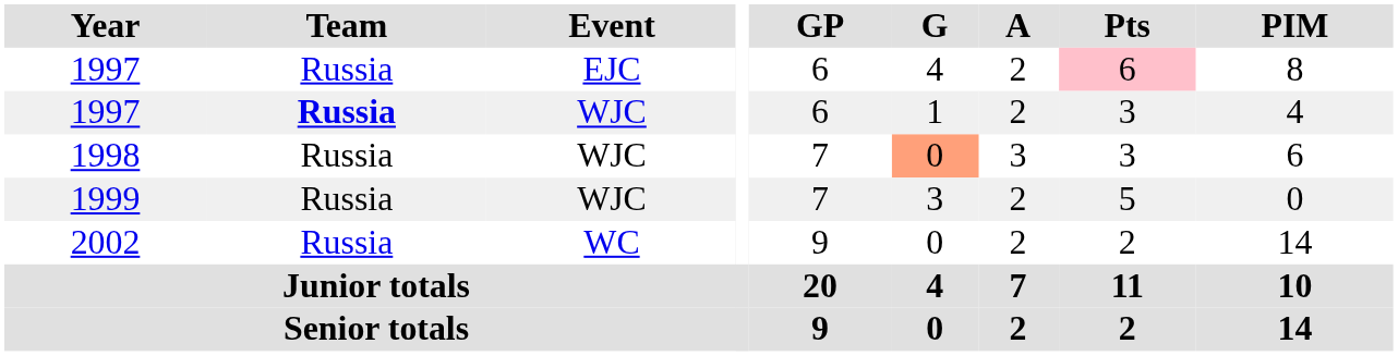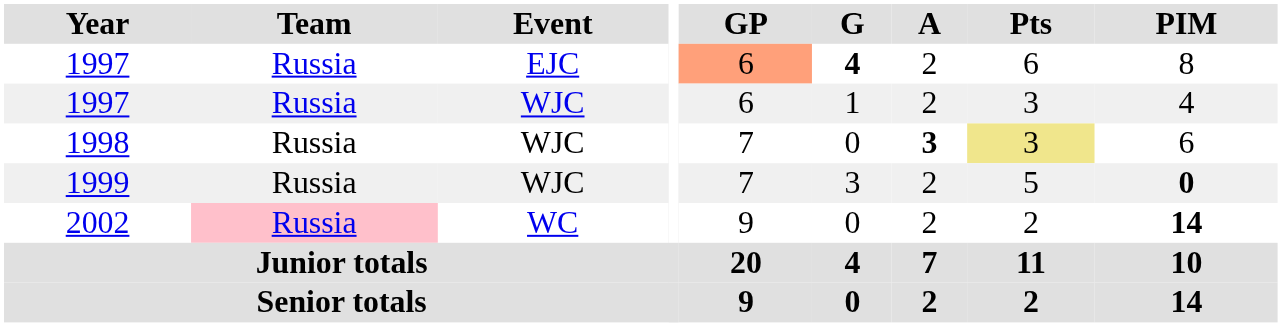 <table border="0" cellpadding="1" cellspacing="0" ID="Table3" style="text-align:center; width:40em">
 <tr bgcolor="#e0e0e0">
 <th>Year</th>
 <th>Team</th>
 <th>Event</th>
 <th rowspan="102" bgcolor="#ffffff"></th>
 <th>GP</th>
 <th>G</th>
 <th>A</th>
 <th>Pts</th>
 <th>PIM</th>
 </tr>
 <tr>
 <td><a href='#'>1997</a></td>
 <td><a href='#'>Russia</a></td>
 <td><a href='#'>EJC</a></td>
+<td style="background: lightsalmon;">6</td>
+<td><strong>4</strong></td>
+<td>2</td>
 <td>6</td>
-<td>4</td>
-<td>2</td>
-<td style="background: pink;">6</td>
 <td>8</td>
 </tr>
 <tr bgcolor="#f0f0f0">
 <td><a href='#'>1997</a></td>
-<td><strong><a href='#'>Russia</a></strong></td>
+<td><a href='#'>Russia</a></td>
 <td><a href='#'>WJC</a></td>
 <td>6</td>
 <td>1</td>
 <td>2</td>
 <td>3</td>
 <td>4</td>
 </tr>
 <tr>
 <td><a href='#'>1998</a></td>
 <td>Russia</td>
 <td>WJC</td>
 <td>7</td>
-<td style="background: lightsalmon;">0</td>
-<td>3</td>
-<td>3</td>
+<td>0</td>
+<td><strong>3</strong></td>
+<td style="background: khaki;">3</td>
 <td>6</td>
 </tr>
 <tr bgcolor="#f0f0f0">
 <td><a href='#'>1999</a></td>
 <td>Russia</td>
 <td>WJC</td>
 <td>7</td>
 <td>3</td>
 <td>2</td>
 <td>5</td>
-<td>0</td>
+<td><strong>0</strong></td>
 </tr>
 <tr>
 <td><a href='#'>2002</a></td>
-<td><a href='#'>Russia</a></td>
+<td style="background: pink;"><a href='#'>Russia</a></td>
 <td><a href='#'>WC</a></td>
 <td>9</td>
 <td>0</td>
 <td>2</td>
 <td>2</td>
-<td>14</td>
+<td><strong>14</strong></td>
 </tr>
 <tr bgcolor="#e0e0e0">
 <th colspan="4">Junior totals</th>
 <th>20</th>
 <th>4</th>
 <th>7</th>
 <th>11</th>
 <th>10</th>
 </tr>
 <tr bgcolor="#e0e0e0">
 <th colspan="4">Senior totals</th>
 <th>9</th>
 <th>0</th>
 <th>2</th>
 <th>2</th>
 <th>14</th>
 </tr>
 </table>
